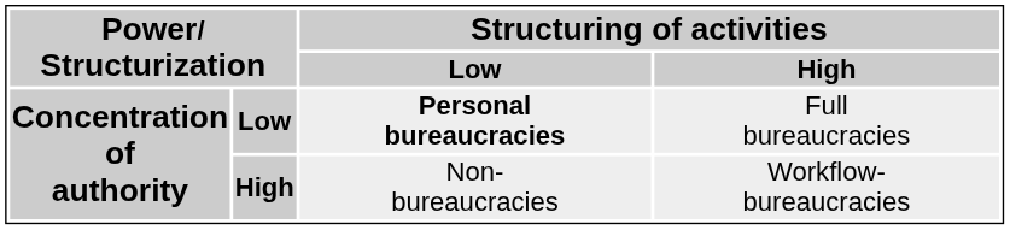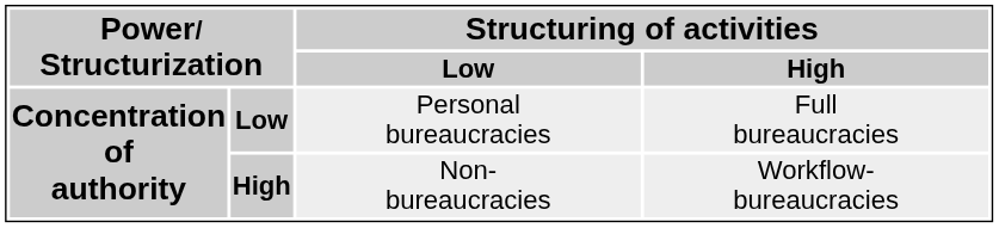 <table width="600" align="center" style="border:thin solid black;">
 <tr>
 <th colspan="2" rowspan="2" bgcolor="#CCCCCC"><big>Power</big>/<br><big>Structurization</big></th>
 <th colspan="2" align="center" bgcolor="#CCCCCC"><big>Structuring of activities</big></th>
 </tr>
 <tr>
 <th align="center" bgcolor="#CCCCCC"><strong>Low</strong></th>
 <th align="center" bgcolor="#CCCCCC"><strong>High</strong></th>
 </tr>
 <tr>
 <th rowspan="2" bgcolor="#CCCCCC" width="20px"><big>Concentration</big> <br><big>of</big> <br><big>authority</big></th>
 <th bgcolor="#CCCCCC"><strong>Low</strong></th>
-<td width="50%" align="center" bgcolor="#EEEEEE"><strong>Personal<br>bureaucracies</strong></td>
+<td width="50%" align="center" bgcolor="#EEEEEE">Personal<br>bureaucracies</td>
 <td width="50%" align="center" bgcolor="#EEEEEE">Full<br>bureaucracies</td>
 </tr>
 <tr>
 <th bgcolor="#CCCCCC"><strong>High</strong></th>
 <td align="center" bgcolor="#EEEEEE">Non-<br>bureaucracies</td>
 <td align="center" bgcolor="#EEEEEE">Workflow-<br>bureaucracies</td>
 </tr>
 </table>
